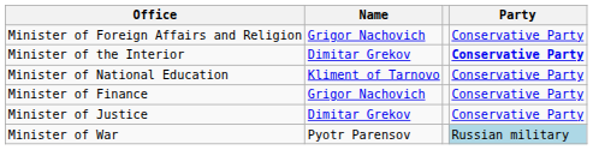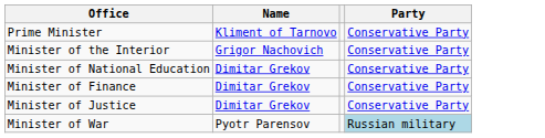 <table class="wikitable">
 <tr>
 <th>Office</th>
 <th>Name</th>
 <th></th>
 <th>Party</th>
 </tr>
 <tr>
-<td>Minister of Foreign Affairs and Religion</td>
+<td>Prime Minister</td>
+<td><a href='#'>Kliment of Tarnovo</a></td>
+<td></td>
+<td><a href='#'>Conservative Party</a></td>
+</tr>
+<tr>
+<td>Minister of the Interior</td>
 <td><a href='#'>Grigor Nachovich</a></td>
 <td></td>
 <td><a href='#'>Conservative Party</a></td>
 </tr>
 <tr>
-<td>Minister of the Interior</td>
+<td>Minister of National Education</td>
 <td><a href='#'>Dimitar Grekov</a></td>
-<td></td>
-<td><strong><a href='#'>Conservative Party</a></strong></td>
-</tr>
-<tr>
-<td>Minister of National Education</td>
-<td><a href='#'>Kliment of Tarnovo</a></td>
 <td></td>
 <td><a href='#'>Conservative Party</a></td>
 </tr>
 <tr>
 <td>Minister of Finance</td>
-<td><a href='#'>Grigor Nachovich</a></td>
+<td><a href='#'>Dimitar Grekov</a></td>
 <td></td>
 <td><a href='#'>Conservative Party</a></td>
 </tr>
 <tr>
 <td>Minister of Justice</td>
 <td><a href='#'>Dimitar Grekov</a></td>
 <td></td>
 <td><a href='#'>Conservative Party</a></td>
 </tr>
 <tr>
 <td>Minister of War</td>
 <td>Pyotr Parensov</td>
 <td></td>
 <td style="background: lightblue;">Russian military</td>
 </tr>
 </table>
